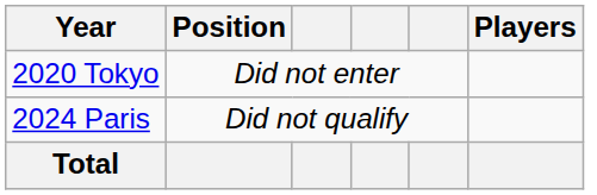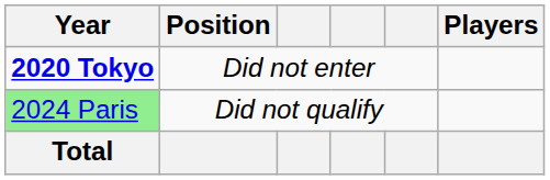 <table class="wikitable" style="text-align: center;">
 <tr>
 <th>Year</th>
 <th>Position</th>
 <th width=25px></th>
 <th width=25px></th>
 <th width=25px></th>
 <th>Players</th>
 </tr>
 <tr>
-<td style="text-align: left;"> <a href='#'>2020 Tokyo</a></td>
+<td style="text-align: left;"><strong> <a href='#'>2020 Tokyo</a></strong></td>
 <td colspan=4><em>Did not enter</em></td>
 <td></td>
 </tr>
 <tr>
-<td style="text-align: left;"> <a href='#'>2024 Paris</a></td>
+<td style="background: lightgreen; text-align: left;"> <a href='#'>2024 Paris</a></td>
 <td colspan=4><em>Did not qualify</em></td>
 <td></td>
 </tr>
 <tr>
 <th>Total</th>
 <th></th>
 <th></th>
 <th></th>
 <th></th>
 <th></th>
 </tr>
 </table>
